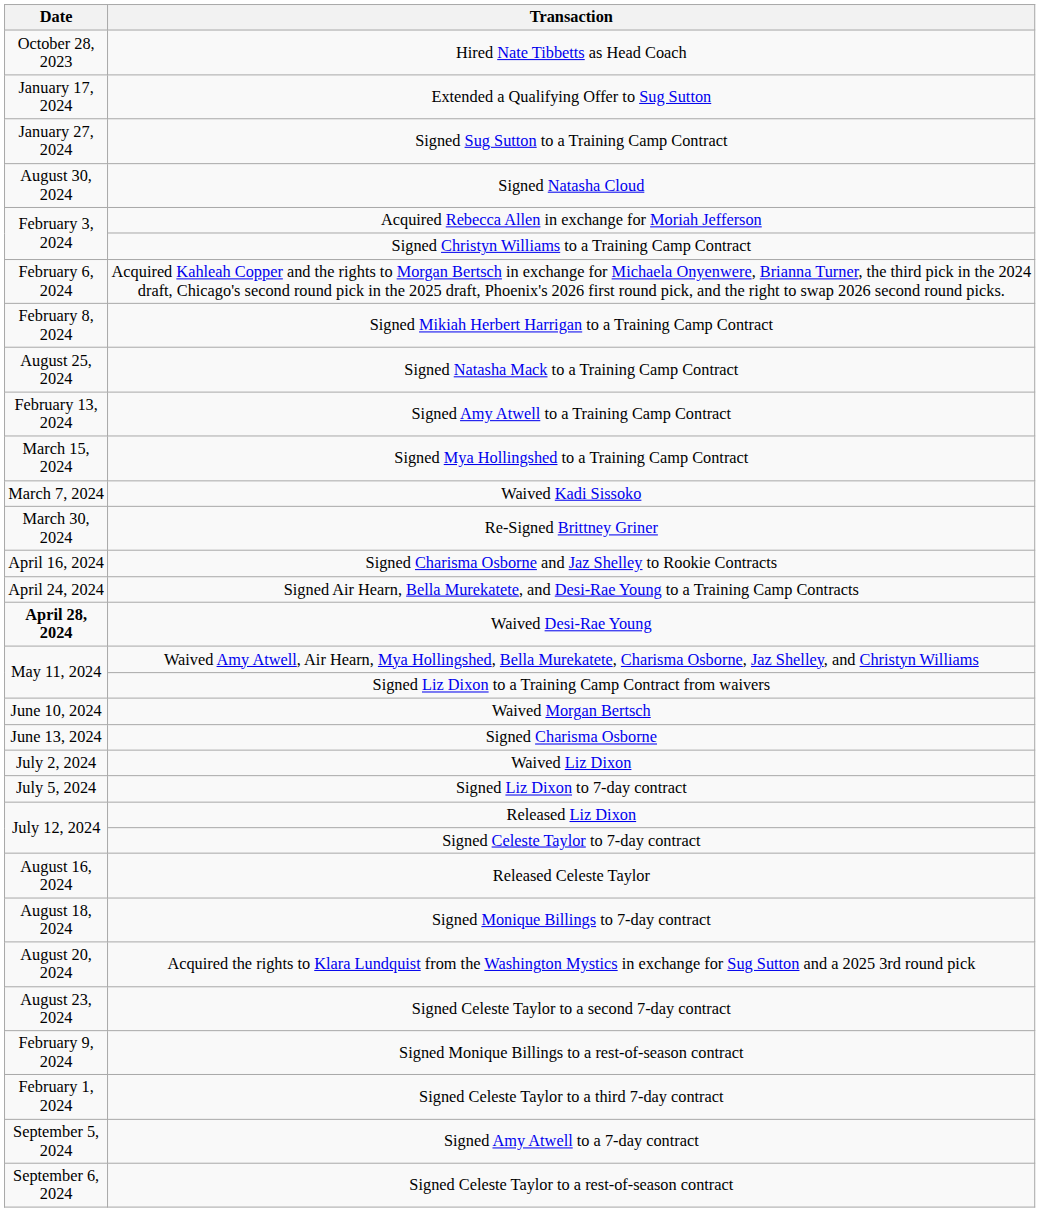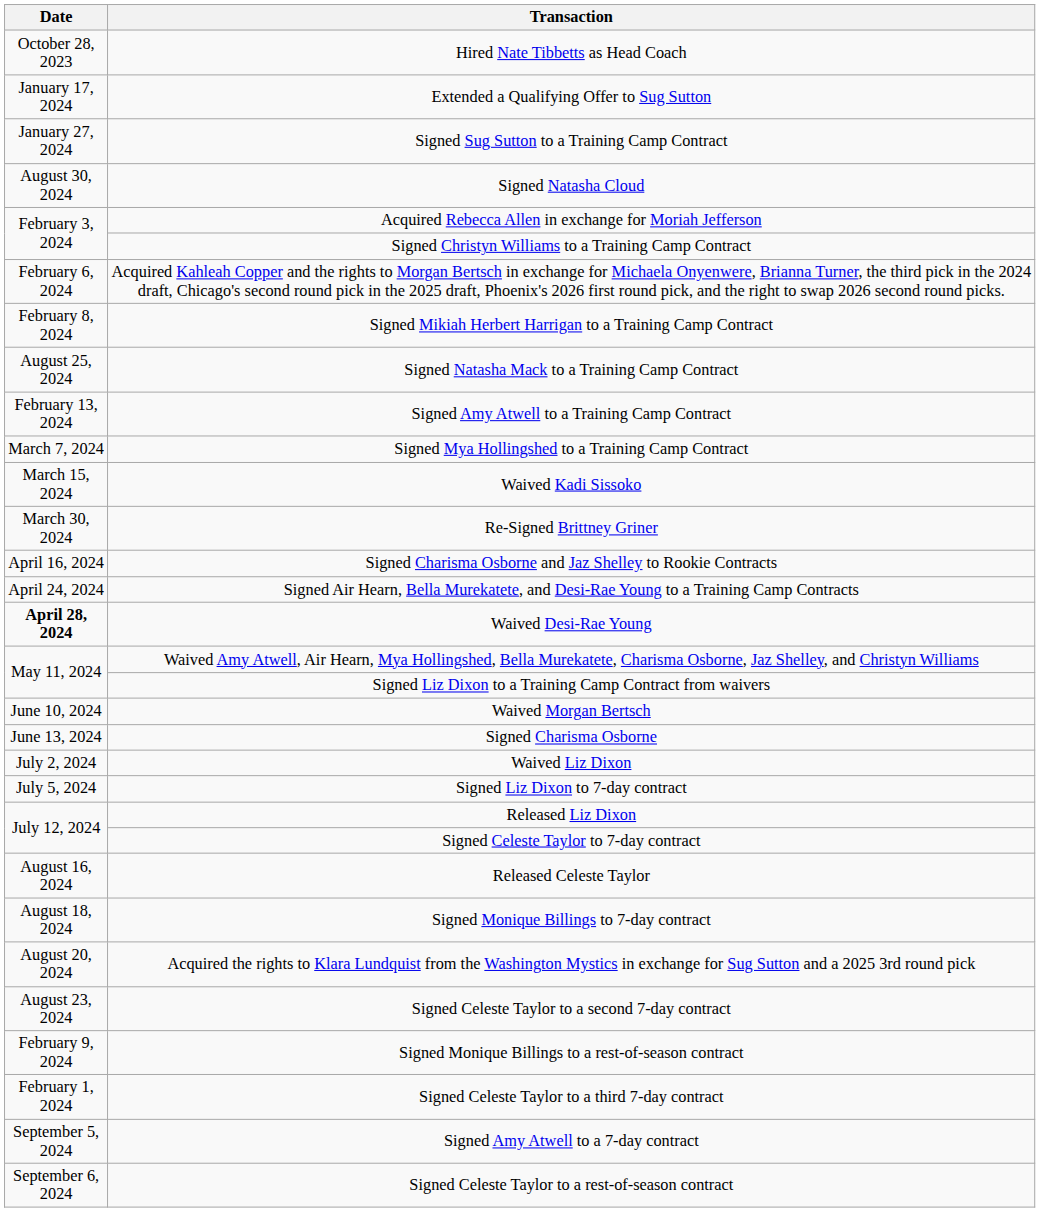 <table class="wikitable" style="width:80%; text-align: center;">
 <tr>
 <th>Date</th>
 <th>Transaction</th>
 </tr>
 <tr>
 <td>October 28, 2023</td>
 <td>Hired <a href='#'>Nate Tibbetts</a> as Head Coach</td>
 </tr>
 <tr>
 <td>January 17, 2024</td>
 <td>Extended a Qualifying Offer to <a href='#'>Sug Sutton</a></td>
 </tr>
 <tr>
 <td>January 27, 2024</td>
 <td>Signed <a href='#'>Sug Sutton</a> to a Training Camp Contract</td>
 </tr>
 <tr>
 <td>August 30, 2024</td>
 <td>Signed <a href='#'>Natasha Cloud</a></td>
 </tr>
 <tr>
 <td rowspan=2>February 3, 2024</td>
 <td>Acquired <a href='#'>Rebecca Allen</a> in exchange for <a href='#'>Moriah Jefferson</a></td>
 </tr>
 <tr>
 <td>Signed <a href='#'>Christyn Williams</a> to a Training Camp Contract</td>
 </tr>
 <tr>
 <td>February 6, 2024</td>
 <td>Acquired <a href='#'>Kahleah Copper</a> and the rights to <a href='#'>Morgan Bertsch</a> in exchange for <a href='#'>Michaela Onyenwere</a>, <a href='#'>Brianna Turner</a>, the third pick in the 2024 draft, Chicago's second round pick in the 2025 draft, Phoenix's 2026 first round pick, and the right to swap 2026 second round picks.</td>
 </tr>
 <tr>
 <td>February 8, 2024</td>
 <td>Signed <a href='#'>Mikiah Herbert Harrigan</a> to a Training Camp Contract</td>
 </tr>
 <tr>
 <td>August 25, 2024</td>
 <td>Signed <a href='#'>Natasha Mack</a> to a Training Camp Contract</td>
 </tr>
 <tr>
 <td>February 13, 2024</td>
 <td>Signed <a href='#'>Amy Atwell</a> to a Training Camp Contract</td>
 </tr>
 <tr>
-<td>March 15, 2024</td>
+<td>March 7, 2024</td>
 <td>Signed <a href='#'>Mya Hollingshed</a> to a Training Camp Contract</td>
 </tr>
 <tr>
-<td>March 7, 2024</td>
+<td>March 15, 2024</td>
 <td>Waived <a href='#'>Kadi Sissoko</a></td>
 </tr>
 <tr>
 <td>March 30, 2024</td>
 <td>Re-Signed <a href='#'>Brittney Griner</a></td>
 </tr>
 <tr>
 <td>April 16, 2024</td>
 <td>Signed <a href='#'>Charisma Osborne</a> and <a href='#'>Jaz Shelley</a> to Rookie Contracts</td>
 </tr>
 <tr>
 <td>April 24, 2024</td>
 <td>Signed Air Hearn, <a href='#'>Bella Murekatete</a>, and <a href='#'>Desi-Rae Young</a> to a Training Camp Contracts</td>
 </tr>
 <tr>
 <td><strong>April 28, 2024</strong></td>
 <td>Waived <a href='#'>Desi-Rae Young</a></td>
 </tr>
 <tr>
 <td rowspan=2>May 11, 2024</td>
 <td>Waived <a href='#'>Amy Atwell</a>, Air Hearn, <a href='#'>Mya Hollingshed</a>, <a href='#'>Bella Murekatete</a>, <a href='#'>Charisma Osborne</a>, <a href='#'>Jaz Shelley</a>, and <a href='#'>Christyn Williams</a></td>
 </tr>
 <tr>
 <td>Signed <a href='#'>Liz Dixon</a> to a Training Camp Contract from waivers</td>
 </tr>
 <tr>
 <td>June 10, 2024</td>
 <td>Waived <a href='#'>Morgan Bertsch</a></td>
 </tr>
 <tr>
 <td>June 13, 2024</td>
 <td>Signed <a href='#'>Charisma Osborne</a></td>
 </tr>
 <tr>
 <td>July 2, 2024</td>
 <td>Waived <a href='#'>Liz Dixon</a></td>
 </tr>
 <tr>
 <td>July 5, 2024</td>
 <td>Signed <a href='#'>Liz Dixon</a> to 7-day contract</td>
 </tr>
 <tr>
 <td rowspan=2>July 12, 2024</td>
 <td>Released <a href='#'>Liz Dixon</a> </td>
 </tr>
 <tr>
 <td>Signed <a href='#'>Celeste Taylor</a> to 7-day contract</td>
 </tr>
 <tr>
 <td>August 16, 2024</td>
 <td>Released Celeste Taylor </td>
 </tr>
 <tr>
 <td>August 18, 2024</td>
 <td>Signed <a href='#'>Monique Billings</a> to 7-day contract</td>
 </tr>
 <tr>
 <td>August 20, 2024</td>
 <td>Acquired the rights to <a href='#'>Klara Lundquist</a> from the <a href='#'>Washington Mystics</a> in exchange for <a href='#'>Sug Sutton</a> and a 2025 3rd round pick</td>
 </tr>
 <tr>
 <td>August 23, 2024</td>
 <td>Signed Celeste Taylor to a second 7-day contract</td>
 </tr>
 <tr>
 <td>February 9, 2024</td>
 <td>Signed Monique Billings to a rest-of-season contract</td>
 </tr>
 <tr>
 <td>February 1, 2024</td>
 <td>Signed Celeste Taylor to a third 7-day contract</td>
 </tr>
 <tr>
 <td>September 5, 2024</td>
 <td>Signed <a href='#'>Amy Atwell</a> to a 7-day contract</td>
 </tr>
 <tr>
 <td>September 6, 2024</td>
 <td>Signed Celeste Taylor to a rest-of-season contract</td>
 </tr>
 </table>
